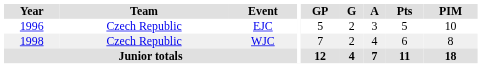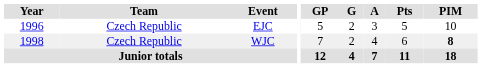 <table border="0" cellpadding="1" cellspacing="0" ID="Table3" style="text-align:center; width:40em">
 <tr bgcolor="#e0e0e0">
 <th>Year</th>
 <th>Team</th>
 <th>Event</th>
 <th rowspan="102" bgcolor="#ffffff"></th>
 <th>GP</th>
 <th>G</th>
 <th>A</th>
 <th>Pts</th>
 <th>PIM</th>
 </tr>
 <tr>
 <td><a href='#'>1996</a></td>
 <td><a href='#'>Czech Republic</a></td>
 <td><a href='#'>EJC</a></td>
 <td>5</td>
 <td>2</td>
 <td>3</td>
 <td>5</td>
 <td>10</td>
 </tr>
 <tr bgcolor="#f0f0f0">
 <td><a href='#'>1998</a></td>
 <td><a href='#'>Czech Republic</a></td>
 <td><a href='#'>WJC</a></td>
 <td>7</td>
 <td>2</td>
 <td>4</td>
 <td>6</td>
-<td>8</td>
+<td><strong>8</strong></td>
 </tr>
 <tr bgcolor="#e0e0e0">
 <th colspan="3">Junior totals</th>
 <th>12</th>
 <th>4</th>
 <th>7</th>
 <th>11</th>
 <th>18</th>
 </tr>
 </table>
